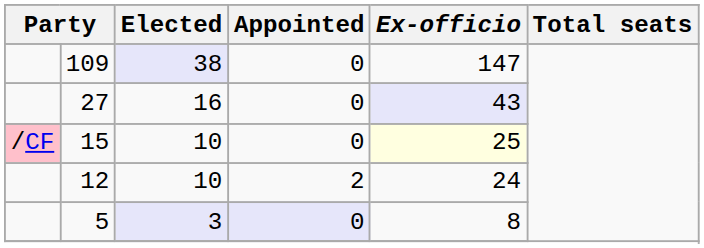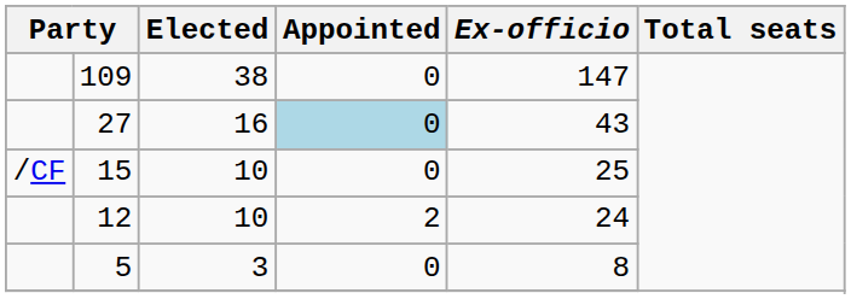 <table class="wikitable" style="text-align:right;">
 <tr>
 <th colspan="2">Party</th>
 <th colspan="1" align=right>Elected</th>
 <th colspan="1" align=right>Appointed</th>
 <th colspan="1" align=right><em>Ex-officio</em></th>
 <th colspan="1" align=right>Total seats</th>
 </tr>
 <tr>
 <td></td>
 <td>109</td>
-<td style="background: lavender;">38</td>
+<td>38</td>
 <td>0</td>
 <td>147</td>
 </tr>
 <tr>
 <td></td>
 <td>27</td>
 <td>16</td>
-<td>0</td>
-<td style="background: lavender;">43</td>
+<td style="background: lightblue;">0</td>
+<td>43</td>
 </tr>
 <tr>
-<td style="background: pink;">/<a href='#'>CF</a></td>
+<td>/<a href='#'>CF</a></td>
 <td>15</td>
 <td>10</td>
 <td>0</td>
-<td style="background: lightyellow;">25</td>
+<td>25</td>
 </tr>
 <tr>
 <td></td>
 <td>12</td>
 <td>10</td>
 <td>2</td>
 <td>24</td>
 </tr>
 <tr>
 <td></td>
 <td>5</td>
-<td style="background: lavender;">3</td>
-<td style="background: lavender;">0</td>
+<td>3</td>
+<td>0</td>
 <td>8</td>
 </tr>
 <tr>
 </tr>
 </table>
